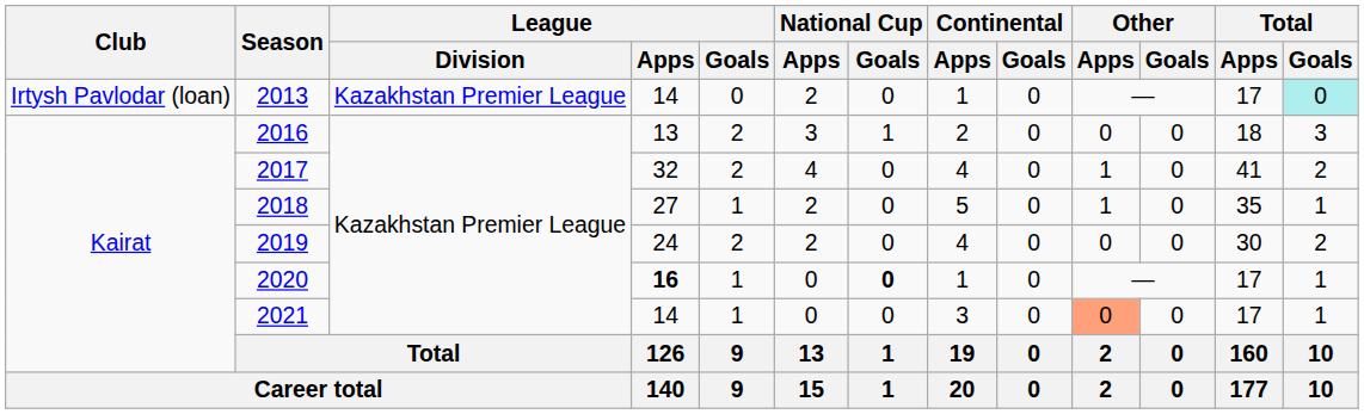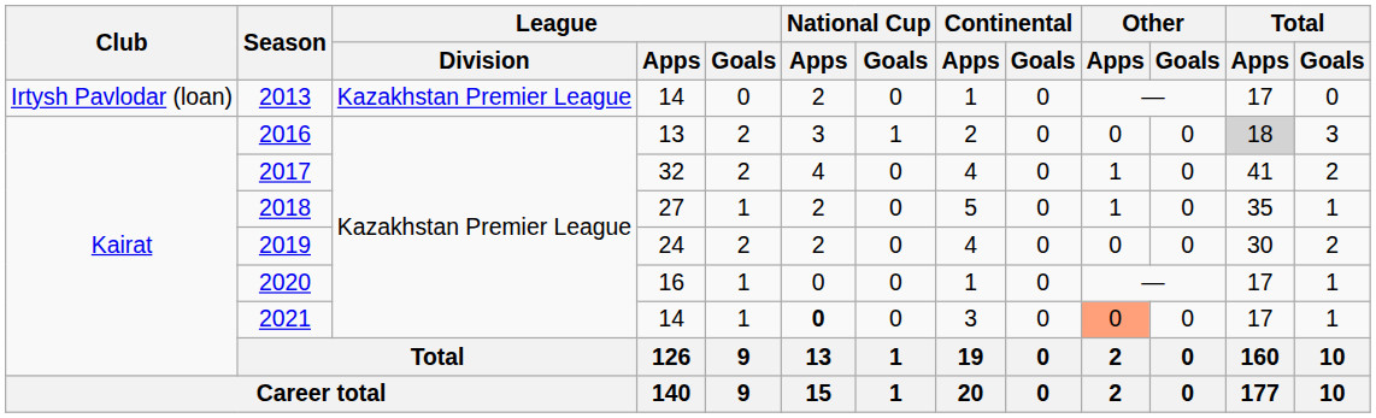 <table class="wikitable" style="text-align: center;">
 <tr>
 <th rowspan="2">Club</th>
 <th rowspan="2">Season</th>
 <th colspan="3">League</th>
 <th colspan="2">National Cup</th>
 <th colspan="2">Continental</th>
 <th colspan="2">Other</th>
 <th colspan="2">Total</th>
 </tr>
 <tr>
 <th>Division</th>
 <th>Apps</th>
 <th>Goals</th>
 <th>Apps</th>
 <th>Goals</th>
 <th>Apps</th>
 <th>Goals</th>
 <th>Apps</th>
 <th>Goals</th>
 <th>Apps</th>
 <th>Goals</th>
 </tr>
 <tr>
 <td><a href='#'>Irtysh Pavlodar</a> (loan)</td>
 <td><a href='#'>2013</a></td>
 <td><a href='#'>Kazakhstan Premier League</a></td>
 <td>14</td>
 <td>0</td>
 <td>2</td>
 <td>0</td>
 <td>1</td>
 <td>0</td>
 <td colspan="2">—</td>
 <td>17</td>
-<td style="background: paleturquoise;">0</td>
+<td>0</td>
 </tr>
 <tr>
 <td rowspan="7" valign="center"><a href='#'>Kairat</a></td>
 <td><a href='#'>2016</a></td>
 <td rowspan="6" valign="center">Kazakhstan Premier League</td>
 <td>13</td>
 <td>2</td>
 <td>3</td>
 <td>1</td>
 <td>2</td>
 <td>0</td>
 <td>0</td>
 <td>0</td>
-<td>18</td>
+<td style="background: lightgrey;">18</td>
 <td>3</td>
 </tr>
 <tr>
 <td><a href='#'>2017</a></td>
 <td>32</td>
 <td>2</td>
 <td>4</td>
 <td>0</td>
 <td>4</td>
 <td>0</td>
 <td>1</td>
 <td>0</td>
 <td>41</td>
 <td>2</td>
 </tr>
 <tr>
 <td><a href='#'>2018</a></td>
 <td>27</td>
 <td>1</td>
 <td>2</td>
 <td>0</td>
 <td>5</td>
 <td>0</td>
 <td>1</td>
 <td>0</td>
 <td>35</td>
 <td>1</td>
 </tr>
 <tr>
 <td><a href='#'>2019</a></td>
 <td>24</td>
 <td>2</td>
 <td>2</td>
 <td>0</td>
 <td>4</td>
 <td>0</td>
 <td>0</td>
 <td>0</td>
 <td>30</td>
 <td>2</td>
 </tr>
 <tr>
 <td><a href='#'>2020</a></td>
-<td><strong>16</strong></td>
+<td>16</td>
 <td>1</td>
 <td>0</td>
-<td><strong>0</strong></td>
+<td>0</td>
 <td>1</td>
 <td>0</td>
 <td colspan="2">—</td>
 <td>17</td>
 <td>1</td>
 </tr>
 <tr>
 <td><a href='#'>2021</a></td>
 <td>14</td>
 <td>1</td>
-<td>0</td>
+<td><strong>0</strong></td>
 <td>0</td>
 <td>3</td>
 <td>0</td>
 <td style="background: lightsalmon;">0</td>
 <td>0</td>
 <td>17</td>
 <td>1</td>
 </tr>
 <tr>
 <th colspan="2">Total</th>
 <th>126</th>
 <th>9</th>
 <th>13</th>
 <th>1</th>
 <th>19</th>
 <th>0</th>
 <th>2</th>
 <th>0</th>
 <th>160</th>
 <th>10</th>
 </tr>
 <tr>
 <th colspan="3">Career total</th>
 <th>140</th>
 <th>9</th>
 <th>15</th>
 <th>1</th>
 <th>20</th>
 <th>0</th>
 <th>2</th>
 <th>0</th>
 <th>177</th>
 <th>10</th>
 </tr>
 </table>
